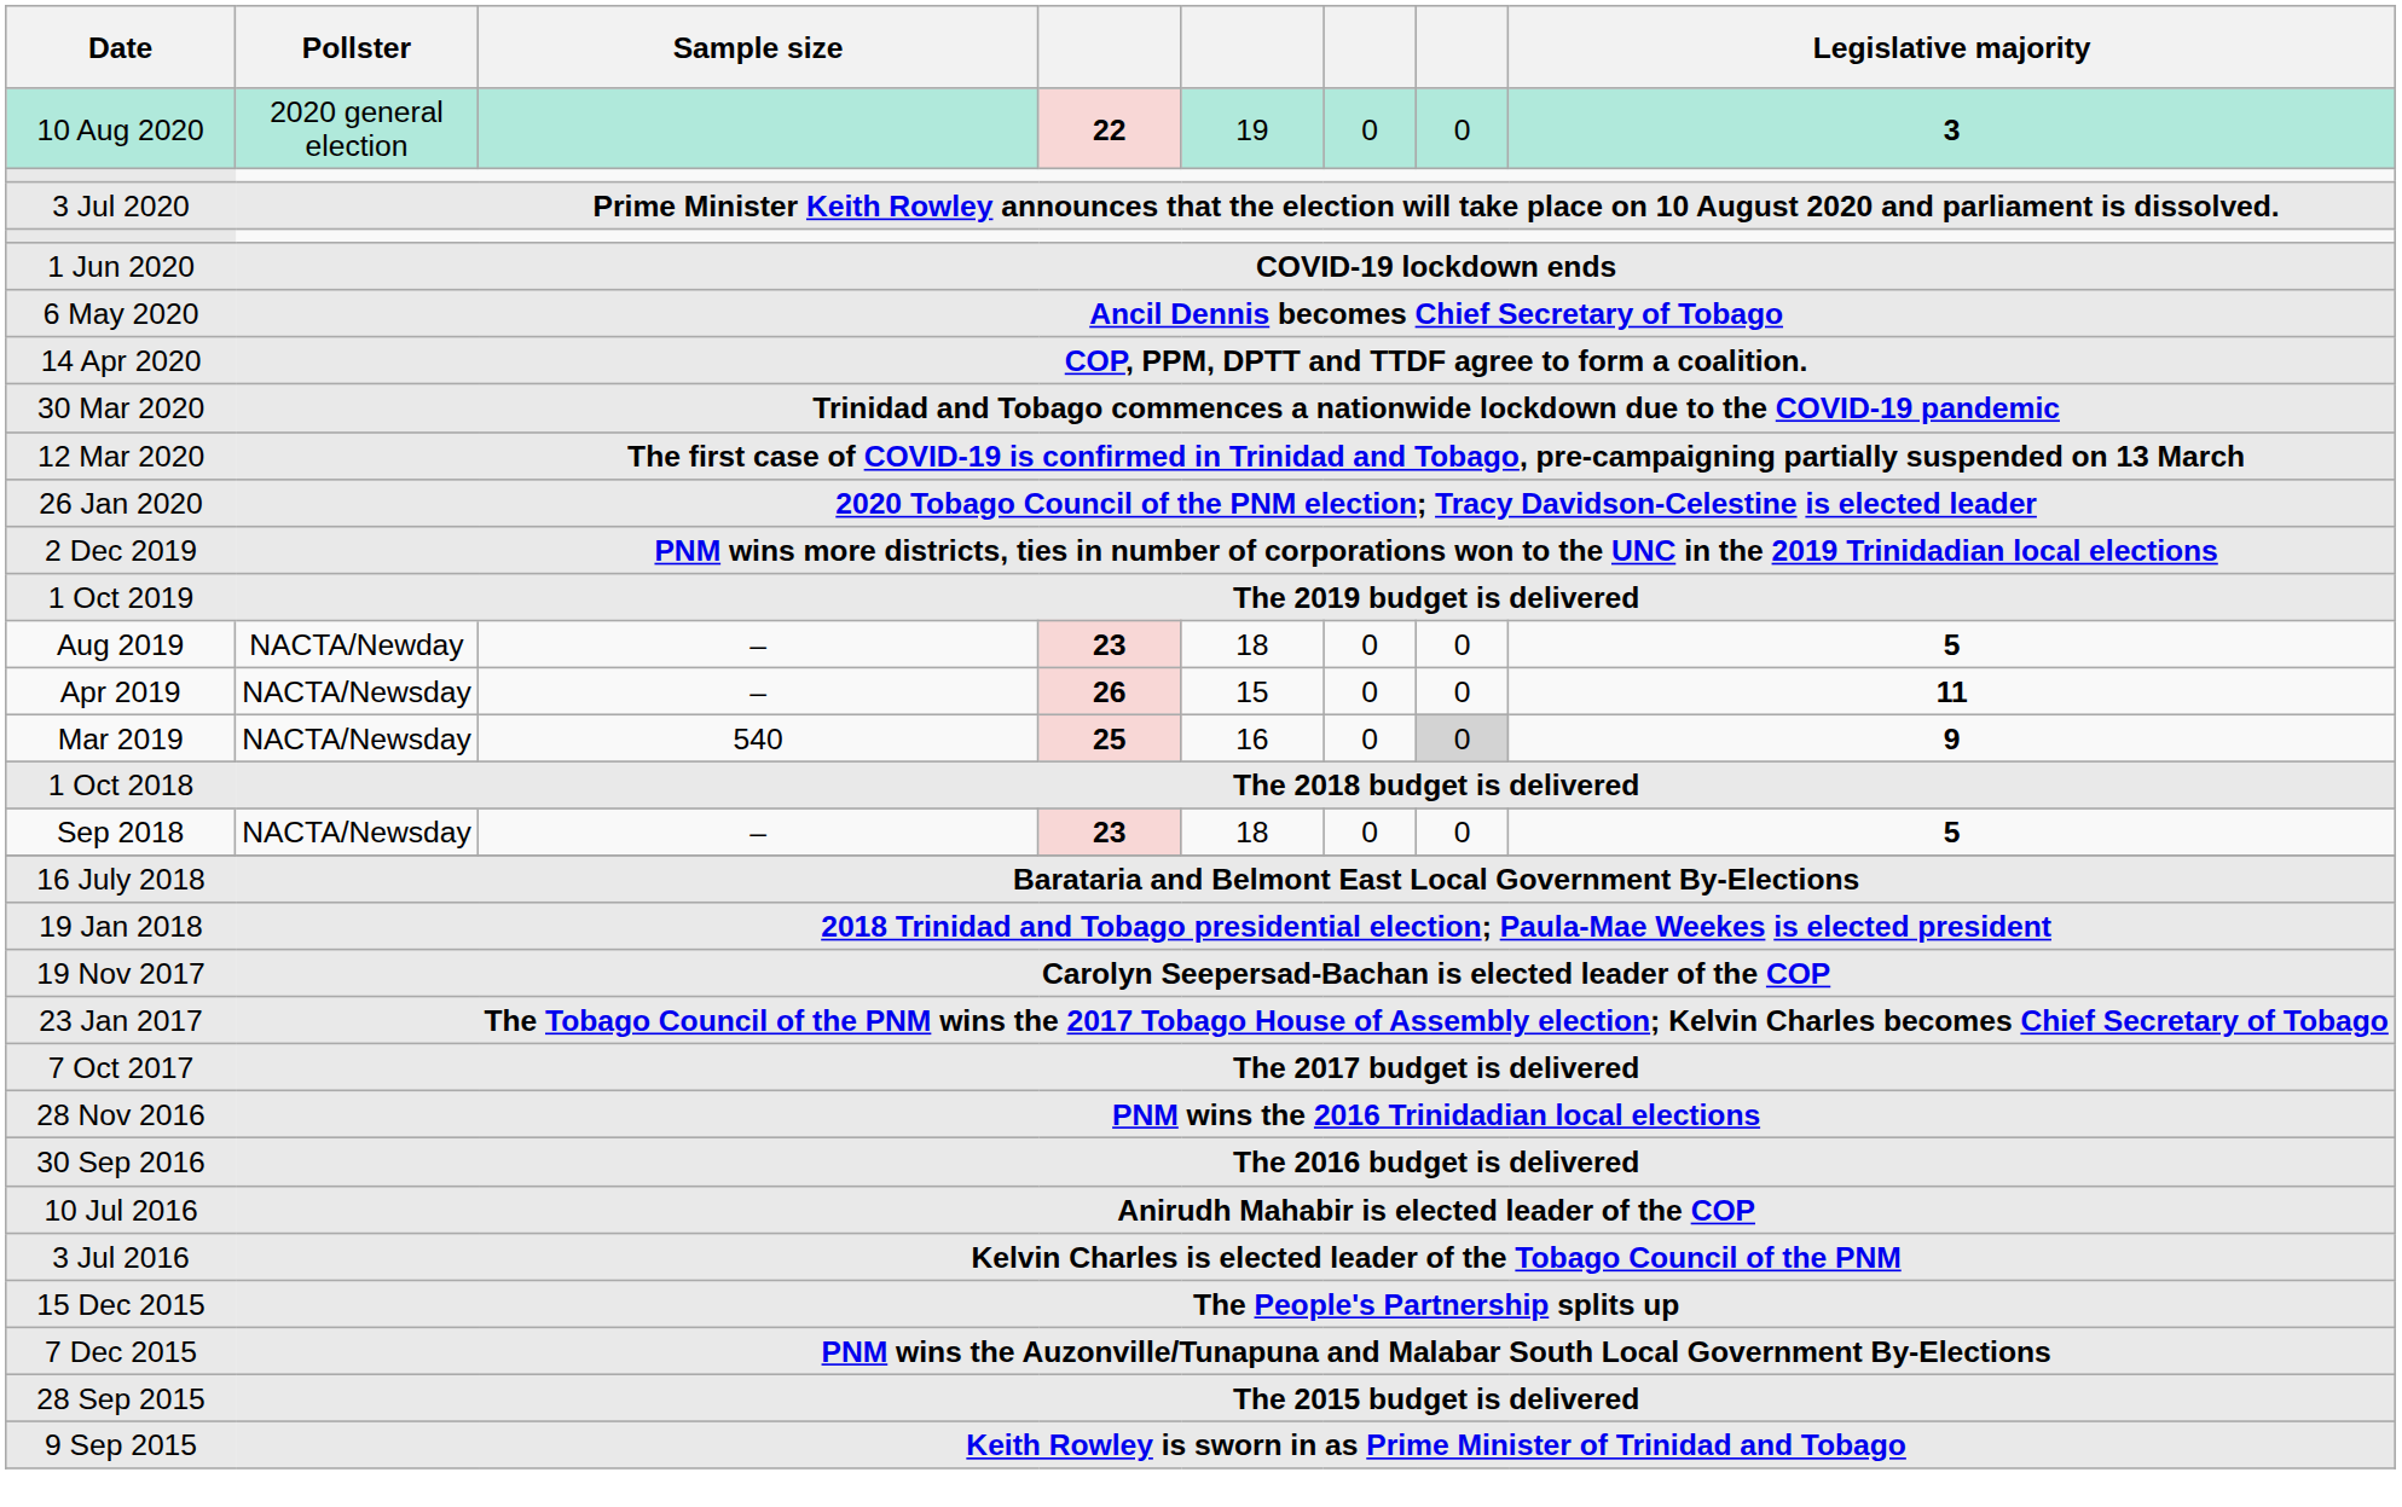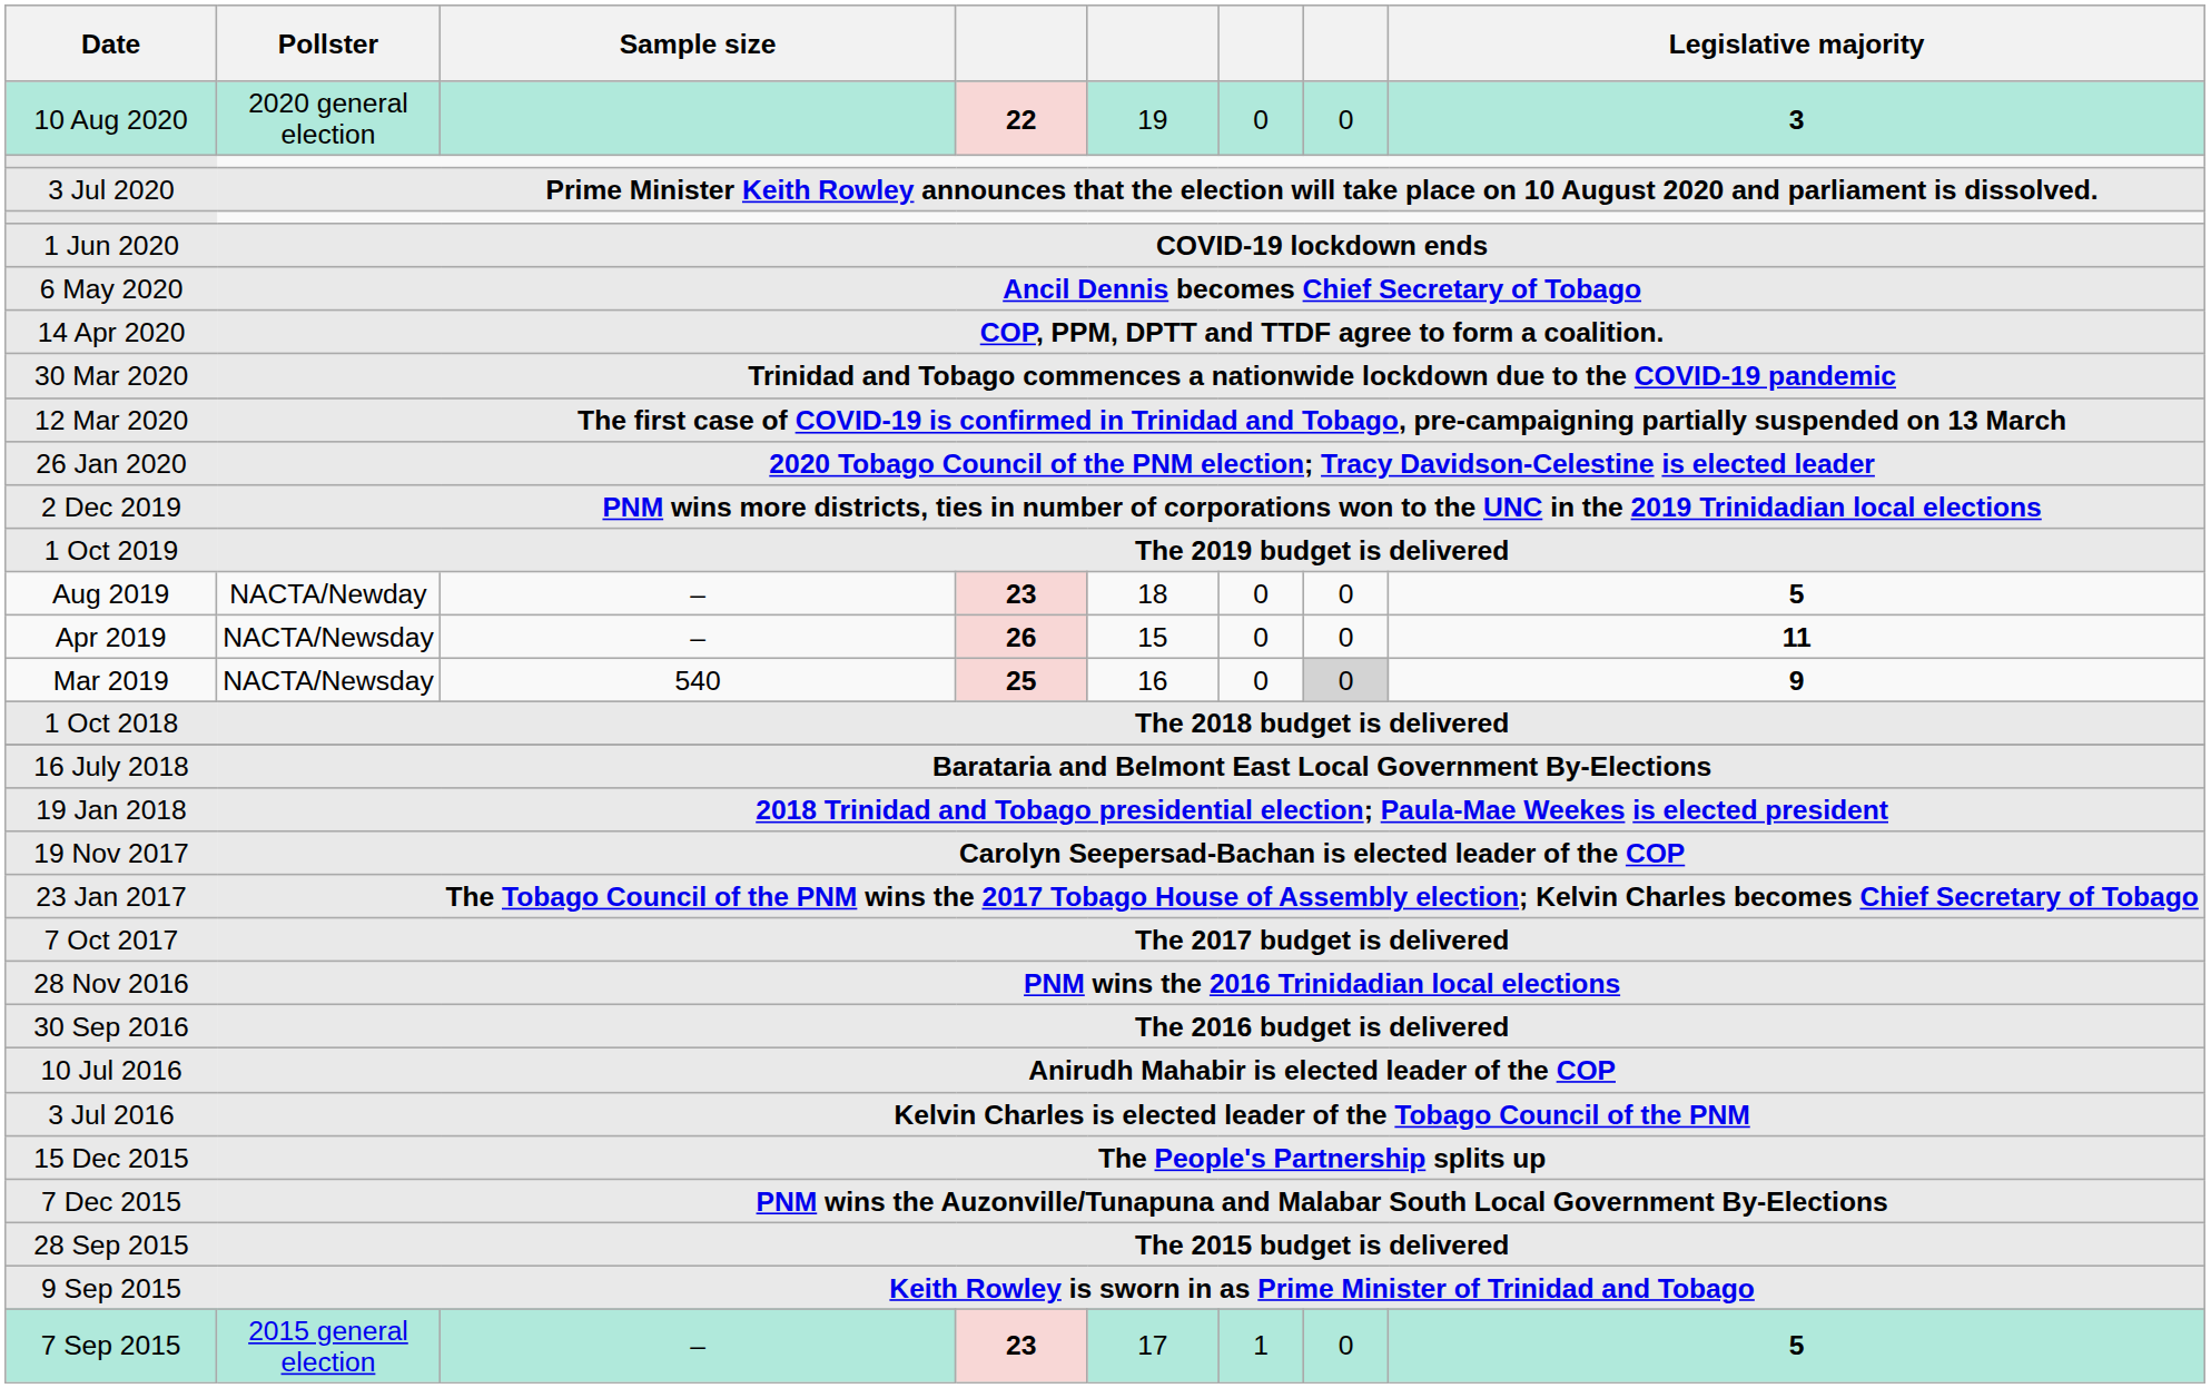 <table class="wikitable sortable collapsible" style="text-align:center;font-size:95%;">
 <tr style="height:42px;">
 <th style="width:110px;">Date</th>
 <th style="width:110px;">Pollster</th>
 <th data-sort-type="number">Sample size</th>
 <th class="unsortable" style="background:"><a href='#'></a></th>
 <th class="unsortable" style="background:"><a href='#'></a></th>
 <th class="unsortable" style="background:"><a href='#'></a></th>
 <th class="unsortable" style="background:"></th>
 <th>Legislative majority</th>
 </tr>
 <tr style="background:#b0e9db;">
 <td>10 Aug 2020</td>
 <td>2020 general election</td>
 <td></td>
 <td style="background:#F8D7D6;"><strong>22</strong></td>
 <td>19</td>
 <td>0</td>
 <td>0</td>
 <td style="background:"><strong>3</strong></td>
 </tr>
 <tr style="background:#E9E9E9;">
 <td style="border-right-style:hidden;"></td>
 </tr>
 <tr style="background:#E9E9E9;">
 <td style="border-right-style:hidden;" data-sort-value="2020-07-03">3 Jul 2020</td>
 <td style="border-right-style:hidden;"></td>
 <td colspan="6" style="font-weight:bold;">Prime Minister <a href='#'>Keith Rowley</a> announces that the election will take place on 10 August 2020 and parliament is dissolved.</td>
 </tr>
 <tr style="background:#E9E9E9;">
 <td style="border-right-style:hidden;"></td>
 </tr>
 <tr style="background:#E9E9E9;">
 <td style="border-right-style:hidden;" data-sort-value="2020-06-01">1 Jun 2020</td>
 <td style="border-right-style:hidden;"></td>
 <td colspan="6" style="font-weight:bold;">COVID-19 lockdown ends</td>
 </tr>
 <tr style="background:#E9E9E9;">
 <td style="border-right-style:hidden;" data-sort-value="2020-05-06">6 May 2020</td>
 <td style="border-right-style:hidden;"></td>
 <td colspan="6" style="font-weight:bold;"><a href='#'>Ancil Dennis</a> becomes <a href='#'>Chief Secretary of Tobago</a></td>
 </tr>
 <tr style="background:#E9E9E9;">
 <td style="border-right-style:hidden;" data-sort-value="2020-04-14">14 Apr 2020</td>
 <td style="border-right-style:hidden;"></td>
 <td colspan="6" style="font-weight:bold;"><a href='#'>COP</a>, PPM, ⁠DPTT and ⁠TTDF agree to form a coalition.</td>
 </tr>
 <tr style="background:#E9E9E9;">
 <td style="border-right-style:hidden;" data-sort-value="2020-03-30">30 Mar 2020</td>
 <td style="border-right-style:hidden;"></td>
 <td colspan="6" style="font-weight:bold;">Trinidad and Tobago commences a nationwide lockdown due to the <a href='#'>COVID-19 pandemic</a></td>
 </tr>
 <tr style="background:#E9E9E9;">
 <td style="border-right-style:hidden;" data-sort-value="2020-03-12">12 Mar 2020</td>
 <td style="border-right-style:hidden;"></td>
 <td colspan="6" style="font-weight:bold;">The first case of <a href='#'>COVID-19 is confirmed in Trinidad and Tobago</a>, pre-campaigning partially suspended on 13 March</td>
 </tr>
 <tr style="background:#E9E9E9;">
 <td style="border-right-style:hidden;" data-sort-value="2020-01-26">26 Jan 2020</td>
 <td style="border-right-style:hidden;"></td>
 <td colspan="6" style="font-weight:bold;"><a href='#'>2020 Tobago Council of the PNM election</a>; <a href='#'>Tracy Davidson-Celestine</a> <a href='#'>is elected leader</a></td>
 </tr>
 <tr style="background:#E9E9E9;">
 <td style="border-right-style:hidden;" data-sort-value="2019-12-02">2 Dec 2019</td>
 <td style="border-right-style:hidden;"></td>
 <td colspan="6" style="font-weight:bold;"><a href='#'>PNM</a> wins more districts, ties in number of corporations won to the <a href='#'>UNC</a> in the <a href='#'>2019 Trinidadian local elections</a></td>
 </tr>
 <tr style="background:#E9E9E9;">
 <td style="border-right-style:hidden;" data-sort-value="2019-10-01">1 Oct 2019</td>
 <td style="border-right-style:hidden;"></td>
 <td colspan="6" style="font-weight:bold;">The 2019 budget is delivered</td>
 </tr>
 <tr>
 <td data-sort-value="2019-08-25">Aug 2019</td>
 <td>NACTA/Newday</td>
 <td>–</td>
 <td style="background:#F8D7D6;"><strong>23</strong></td>
 <td>18</td>
 <td>0</td>
 <td>0</td>
 <td style="background:"><strong>5</strong></td>
 </tr>
 <tr>
 <td data-sort-value="2019-04-11">Apr 2019</td>
 <td>NACTA/Newsday</td>
 <td>–</td>
 <td style="background:#F8D7D6;"><strong>26</strong></td>
 <td>15</td>
 <td>0</td>
 <td>0</td>
 <td style="background:"><strong>11</strong></td>
 </tr>
 <tr>
 <td data-sort-value="2019-03-08">Mar 2019</td>
 <td>NACTA/Newsday</td>
 <td>540</td>
 <td style="background:#F8D7D6;"><strong>25</strong></td>
 <td>16</td>
 <td>0</td>
 <td style="background: lightgrey;">0</td>
 <td style="background:"><strong>9</strong></td>
 </tr>
 <tr style="background:#E9E9E9;">
 <td style="border-right-style:hidden;" data-sort-value="2018-10-01">1 Oct 2018</td>
 <td style="border-right-style:hidden;"></td>
 <td colspan="6" style="font-weight:bold;">The 2018 budget is delivered</td>
 </tr>
 <tr>
-<td data-sort-value="2018-09-25">Sep 2018</td>
-<td>NACTA/Newsday</td>
-<td>–</td>
-<td style="background:#F8D7D6;"><strong>23</strong></td>
-<td>18</td>
-<td>0</td>
-<td>0</td>
-<td style="background:"><strong>5</strong></td>
-</tr>
-<tr>
 </tr>
 <tr style="background:#E9E9E9;">
 <td style="border-right-style:hidden;" data-sort-value="2018-07-16">16 July 2018</td>
 <td style="border-right-style:hidden;"></td>
 <td colspan="6" style="font-weight:bold;">Barataria and Belmont East Local Government By-Elections</td>
 </tr>
 <tr style="background:#E9E9E9;">
 <td style="border-right-style:hidden;" data-sort-value="2018-01-19">19 Jan 2018</td>
 <td style="border-right-style:hidden;"></td>
 <td colspan="6" style="font-weight:bold;"><a href='#'>2018 Trinidad and Tobago presidential election</a>; <a href='#'>Paula-Mae Weekes</a> <a href='#'>is elected president</a></td>
 </tr>
 <tr style="background:#E9E9E9;">
 <td style="border-right-style:hidden;" data-sort-value="2017-11-19">19 Nov 2017</td>
 <td style="border-right-style:hidden;"></td>
 <td colspan="6" style="font-weight:bold;">Carolyn Seepersad-Bachan is elected leader of the <a href='#'>COP</a></td>
 </tr>
 <tr style="background:#E9E9E9;">
 <td style="border-right-style:hidden;" data-sort-value="2017-01-23">23 Jan 2017</td>
 <td style="border-right-style:hidden;"></td>
 <td colspan="6" style="font-weight:bold;">The <a href='#'>Tobago Council of the PNM</a> wins the <a href='#'>2017 Tobago House of Assembly election</a>; Kelvin Charles becomes <a href='#'>Chief Secretary of Tobago</a></td>
 </tr>
 <tr style="background:#E9E9E9;">
 <td style="border-right-style:hidden;" data-sort-value="2017-10-07">7 Oct 2017</td>
 <td style="border-right-style:hidden;"></td>
 <td colspan="6" style="font-weight:bold;">The 2017 budget is delivered</td>
 </tr>
 <tr style="background:#E9E9E9;">
 <td style="border-right-style:hidden;" data-sort-value="2016-11-28">28 Nov 2016</td>
 <td style="border-right-style:hidden;"></td>
 <td colspan="6" style="font-weight:bold;"><a href='#'>PNM</a> wins the <a href='#'>2016 Trinidadian local elections</a></td>
 </tr>
 <tr style="background:#E9E9E9;">
 <td style="border-right-style:hidden;" data-sort-value="2016-09-30">30 Sep 2016</td>
 <td style="border-right-style:hidden;"></td>
 <td colspan="6" style="font-weight:bold;">The 2016 budget is delivered</td>
 </tr>
 <tr style="background:#E9E9E9;">
 <td style="border-right-style:hidden;" data-sort-value="2016-07-10">10 Jul 2016</td>
 <td style="border-right-style:hidden;"></td>
 <td colspan="6" style="font-weight:bold;">Anirudh Mahabir is elected leader of the <a href='#'>COP</a></td>
 </tr>
 <tr style="background:#E9E9E9;">
 <td style="border-right-style:hidden;" data-sort-value="2016-07-03">3 Jul 2016</td>
 <td style="border-right-style:hidden;"></td>
 <td colspan="6" style="font-weight:bold;">Kelvin Charles is elected leader of the <a href='#'>Tobago Council of the PNM</a></td>
 </tr>
 <tr style="background:#E9E9E9;">
 <td style="border-right-style:hidden;" data-sort-value="2015-12-15">15 Dec 2015</td>
 <td style="border-right-style:hidden;"></td>
 <td colspan="6" style="font-weight:bold;">The <a href='#'>People's Partnership</a> splits up</td>
 </tr>
 <tr style="background:#E9E9E9;">
 <td style="border-right-style:hidden;" data-sort-value="2015-12-07">7 Dec 2015</td>
 <td style="border-right-style:hidden;"></td>
 <td colspan="6" style="font-weight:bold;"><a href='#'>PNM</a> wins the Auzonville/Tunapuna and Malabar South Local Government By-Elections</td>
 </tr>
 <tr style="background:#E9E9E9;">
 <td style="border-right-style:hidden;" data-sort-value="2015-09-28">28 Sep 2015</td>
 <td style="border-right-style:hidden;"></td>
 <td colspan="6" style="font-weight:bold;">The 2015 budget is delivered</td>
 </tr>
 <tr style="background:#E9E9E9;">
 <td style="border-right-style:hidden;" data-sort-value="2015-09-09">9 Sep 2015</td>
 <td style="border-right-style:hidden;"></td>
 <td colspan="6" style="font-weight:bold;"><a href='#'>Keith Rowley</a> is sworn in as <a href='#'>Prime Minister of Trinidad and Tobago</a></td>
 </tr>
+<tr style="background:#b0e9db;">
+<td data-sort-value="2015-09-07">7 Sep 2015</td>
+<td><a href='#'>2015 general election</a></td>
+<td>–</td>
+<td style="background:#F8D7D6;"><strong>23</strong></td>
+<td>17</td>
+<td>1</td>
+<td>0</td>
+<td style="background:"><strong>5</strong></td>
+</tr>
 </table>
